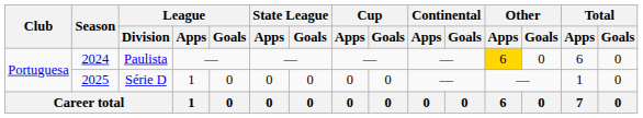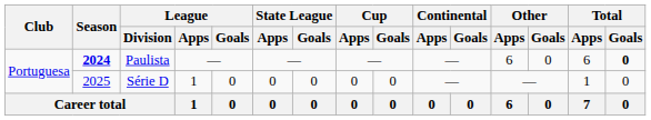 <table class="wikitable" style="text-align: center;">
 <tr>
 <th rowspan="2">Club</th>
 <th rowspan="2">Season</th>
 <th colspan="3">League</th>
 <th colspan="2">State League</th>
 <th colspan="2">Cup</th>
 <th colspan="2">Continental</th>
 <th colspan="2">Other</th>
 <th colspan="2">Total</th>
 </tr>
 <tr>
 <th>Division</th>
 <th>Apps</th>
 <th>Goals</th>
 <th>Apps</th>
 <th>Goals</th>
 <th>Apps</th>
 <th>Goals</th>
 <th>Apps</th>
 <th>Goals</th>
 <th>Apps</th>
 <th>Goals</th>
 <th>Apps</th>
 <th>Goals</th>
 </tr>
 <tr>
 <td rowspan="2" valign="center"><a href='#'>Portuguesa</a></td>
-<td><a href='#'>2024</a></td>
+<td><strong><a href='#'>2024</a></strong></td>
 <td><a href='#'>Paulista</a></td>
 <td colspan="2">—</td>
 <td colspan="2">—</td>
 <td colspan="2">—</td>
 <td colspan="2">—</td>
-<td style="background: gold;">6</td>
+<td>6</td>
 <td>0</td>
 <td>6</td>
-<td>0</td>
+<td><strong>0</strong></td>
 </tr>
 <tr>
 <td><a href='#'>2025</a></td>
 <td><a href='#'>Série D</a></td>
 <td>1</td>
 <td>0</td>
 <td>0</td>
 <td>0</td>
 <td>0</td>
 <td>0</td>
 <td colspan="2">—</td>
 <td colspan="2">—</td>
 <td>1</td>
 <td>0</td>
 </tr>
 <tr>
 <th colspan="3"><strong>Career total</strong></th>
 <th>1</th>
 <th>0</th>
 <th>0</th>
 <th>0</th>
 <th>0</th>
 <th>0</th>
 <th>0</th>
 <th>0</th>
 <th>6</th>
 <th>0</th>
 <th>7</th>
 <th>0</th>
 </tr>
 </table>
